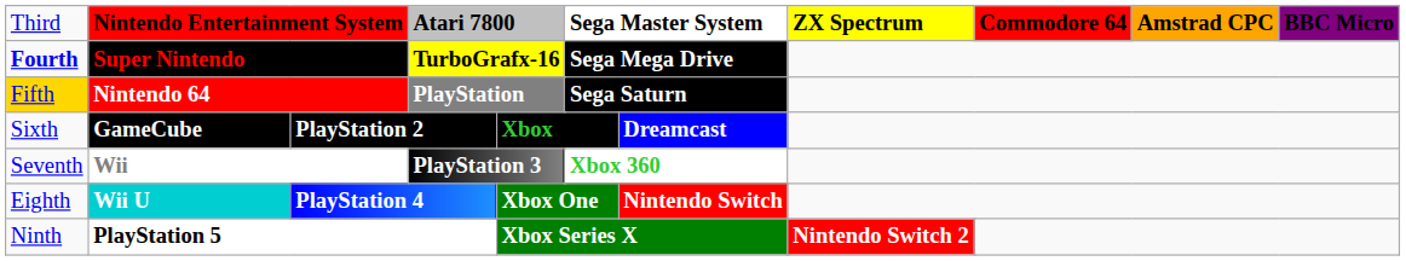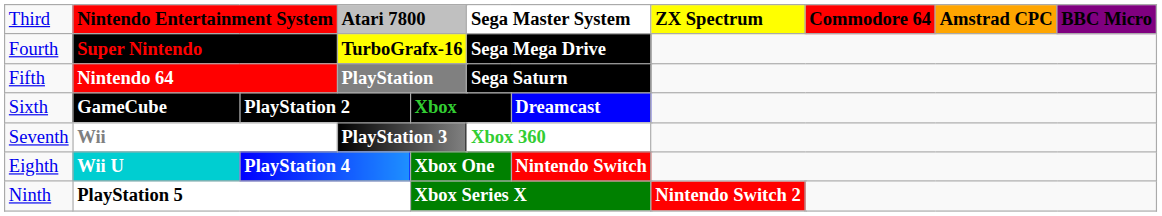 <table class="wikitable">
 <tr>
 <td><a href='#'>Third</a></td>
 <td colspan="4" style="background:red;color:black"><strong>Nintendo Entertainment System</strong></td>
 <td colspan="4" style="background:silver;color:black"><strong>Atari 7800</strong></td>
 <td colspan="4" style="background:white;color:black"><strong>Sega Master System</strong></td>
 <td colspan="3" style="background:yellow"><strong>ZX Spectrum</strong></td>
 <td colspan="3" style="background:red"><strong>Commodore 64</strong></td>
 <td colspan="3" style="background:orange"><strong>Amstrad CPC</strong></td>
 <td colspan="3" style="background:purple"><strong>BBC Micro</strong></td>
 </tr>
 <tr>
-<td><strong><a href='#'>Fourth</a></strong></td>
+<td><a href='#'>Fourth</a></td>
 <td colspan="4" style="background:black;color:red;"><strong>Super Nintendo</strong></td>
 <td colspan="4" style="background:yellow;color:black"><strong>TurboGrafx-16</strong></td>
 <td colspan="4" style="background:black;color:white"><strong>Sega Mega Drive</strong></td>
 <td colspan="10"></td>
 </tr>
 <tr>
-<td style="background: gold;"><a href='#'>Fifth</a></td>
+<td><a href='#'>Fifth</a></td>
 <td colspan="4" style="background:red;color:white;"><strong>Nintendo 64</strong></td>
 <td colspan="4" style="background:gray;color:white"><strong>PlayStation</strong></td>
 <td colspan="4" style="background:black;color:white"><strong>Sega Saturn</strong></td>
 <td colspan="10"></td>
 </tr>
 <tr>
 <td><a href='#'>Sixth</a></td>
 <td colspan="3" style="background:black;color:white;"><strong>GameCube</strong></td>
 <td colspan="3" style="background:black;color:white"><strong>PlayStation 2</strong></td>
 <td colspan="3" style="background:black;color:limegreen"><strong>Xbox</strong></td>
 <td colspan="3" style="background:blue;color:white"><strong>Dreamcast</strong></td>
 <td colspan="10"></td>
 </tr>
 <tr>
 <td><a href='#'>Seventh</a></td>
 <td colspan="4" style="background:white;color:gray;"><strong>Wii</strong></td>
 <td colspan="4" style="background:black linear-gradient(to right, black, gray);color:white"><strong>PlayStation 3</strong></td>
 <td colspan="4" style="background:white;color:limegreen"><strong>Xbox 360</strong></td>
 <td colspan="10"></td>
 </tr>
 <tr>
 <td><a href='#'>Eighth</a></td>
 <td colspan="3" style="background:darkturquoise;color:white;"><strong>Wii U</strong></td>
 <td colspan="3" style="background:blue linear-gradient(to right, blue, DodgerBlue);color:white"><strong>PlayStation 4</strong></td>
 <td colspan="3" style="background:green;color:white"><strong>Xbox One</strong></td>
 <td colspan="3" style="background:red;color:white"><strong>Nintendo Switch</strong></td>
 <td colspan="10"></td>
 </tr>
 <tr>
 <td><a href='#'>Ninth</a></td>
 <td colspan="6" style="background:white;color:black;"><strong>PlayStation 5</strong></td>
 <td colspan="6" style="background:green;color:white"><strong>Xbox Series X</strong></td>
 <td colspan="3" style="background:red;color:white"><strong>Nintendo Switch 2</strong></td>
 <td colspan="10"></td>
 </tr>
 </table>
